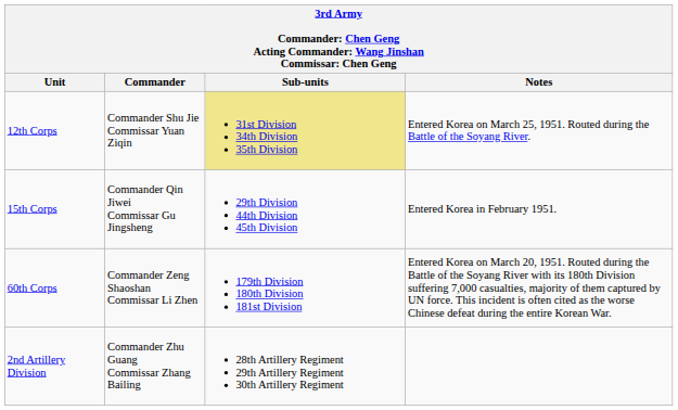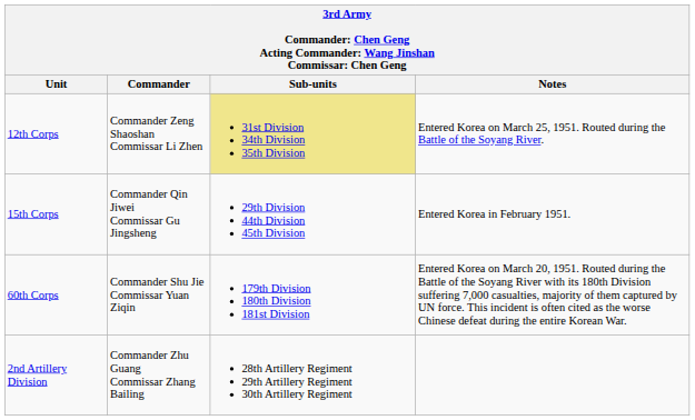 <table class="wikitable" style="width: 75%">
 <tr>
 <th colspan="4" align= center> <a href='#'>3rd Army</a><br><br>Commander: <a href='#'>Chen Geng</a><br>Acting Commander: <a href='#'>Wang Jinshan</a><br> Commissar: Chen Geng<br></th>
 </tr>
 <tr>
 <th width=15%; align= center>Unit</th>
 <th width=15%; align= center>Commander</th>
 <th width=30%; align= center>Sub-units</th>
 <th width=40%; align= center>Notes</th>
 </tr>
 <tr>
 <td><a href='#'>12th Corps</a></td>
-<td>Commander Shu Jie<br>Commissar Yuan Ziqin</td>
+<td>Commander Zeng Shaoshan<br>Commissar Li Zhen</td>
 <td style="background: khaki;"><br><ul><li><a href='#'>31st Division</a></li><li><a href='#'>34th Division</a></li><li><a href='#'>35th Division</a></li></ul></td>
 <td>Entered Korea on March 25, 1951. Routed during the <a href='#'>Battle of the Soyang River</a>.</td>
 </tr>
 <tr>
 <td><a href='#'>15th Corps</a></td>
 <td>Commander Qin Jiwei<br>Commissar Gu Jingsheng</td>
 <td><br><ul><li><a href='#'>29th Division</a></li><li><a href='#'>44th Division</a></li><li><a href='#'>45th Division</a></li></ul></td>
 <td>Entered Korea in February 1951.</td>
 </tr>
 <tr>
 <td><a href='#'>60th Corps</a></td>
-<td>Commander Zeng Shaoshan<br>Commissar Li Zhen</td>
+<td>Commander Shu Jie<br>Commissar Yuan Ziqin</td>
 <td><br><ul><li><a href='#'>179th Division</a></li><li><a href='#'>180th Division</a></li><li><a href='#'>181st Division</a></li></ul></td>
 <td>Entered Korea on March 20, 1951. Routed during the Battle of the Soyang River with its 180th Division suffering 7,000 casualties, majority of them captured by UN force. This incident is often cited as the worse Chinese defeat during the entire Korean War.</td>
 </tr>
 <tr>
 <td><a href='#'>2nd Artillery Division</a></td>
 <td>Commander Zhu Guang<br>Commissar Zhang Bailing</td>
 <td><br><ul><li>28th Artillery Regiment</li><li>29th Artillery Regiment</li><li>30th Artillery Regiment</li></ul></td>
 <td></td>
 </tr>
 </table>
